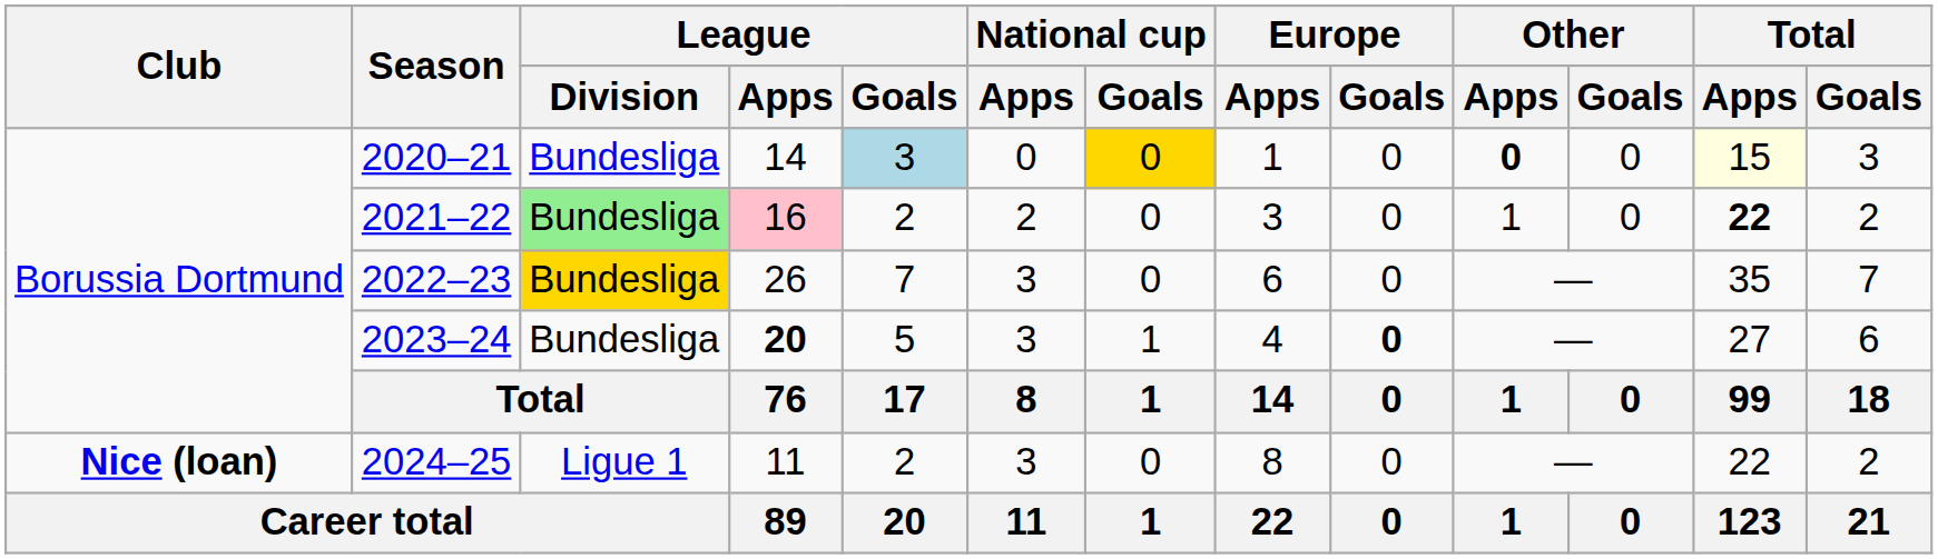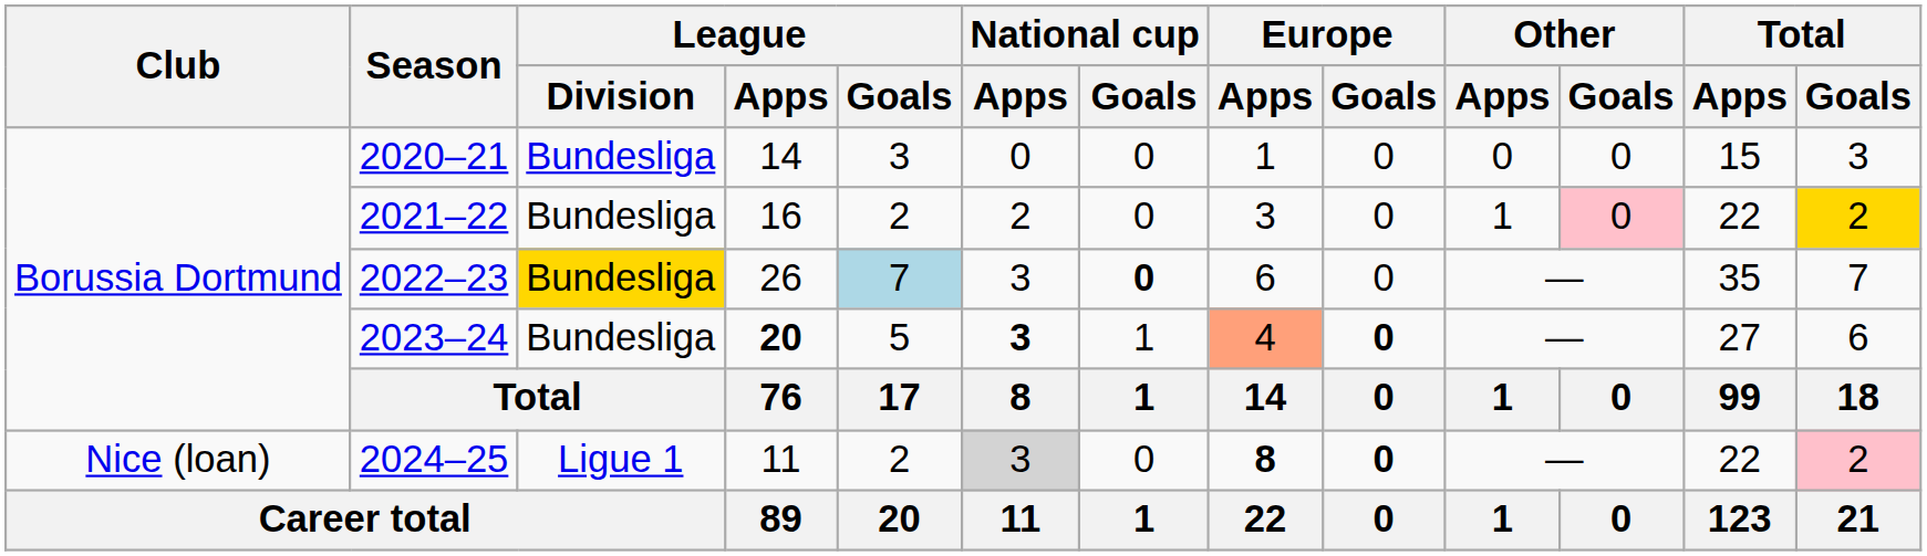 <table class="wikitable" style="text-align: center;">
 <tr>
 <th rowspan="2">Club</th>
 <th rowspan="2">Season</th>
 <th colspan="3">League</th>
 <th colspan="2">National cup</th>
 <th colspan="2">Europe</th>
 <th colspan="2">Other</th>
 <th colspan="2">Total</th>
 </tr>
 <tr>
 <th>Division</th>
 <th>Apps</th>
 <th>Goals</th>
 <th>Apps</th>
 <th>Goals</th>
 <th>Apps</th>
 <th>Goals</th>
 <th>Apps</th>
 <th>Goals</th>
 <th>Apps</th>
 <th>Goals</th>
 </tr>
 <tr>
 <td rowspan="5"><a href='#'>Borussia Dortmund</a></td>
 <td><a href='#'>2020–21</a></td>
 <td><a href='#'>Bundesliga</a></td>
 <td>14</td>
-<td style="background: lightblue;">3</td>
+<td>3</td>
 <td>0</td>
-<td style="background: gold;">0</td>
+<td>0</td>
 <td>1</td>
 <td>0</td>
-<td><strong>0</strong></td>
 <td>0</td>
-<td style="background: lightyellow;">15</td>
+<td>0</td>
+<td>15</td>
 <td>3</td>
 </tr>
 <tr>
 <td><a href='#'>2021–22</a></td>
-<td style="background: lightgreen;">Bundesliga</td>
-<td style="background: pink;">16</td>
+<td>Bundesliga</td>
+<td>16</td>
 <td>2</td>
 <td>2</td>
 <td>0</td>
 <td>3</td>
 <td>0</td>
 <td>1</td>
-<td>0</td>
-<td><strong>22</strong></td>
-<td>2</td>
+<td style="background: pink;">0</td>
+<td>22</td>
+<td style="background: gold;">2</td>
 </tr>
 <tr>
 <td><a href='#'>2022–23</a></td>
 <td style="background: gold;">Bundesliga</td>
 <td>26</td>
-<td>7</td>
+<td style="background: lightblue;">7</td>
 <td>3</td>
-<td>0</td>
+<td><strong>0</strong></td>
 <td>6</td>
 <td>0</td>
 <td colspan="2">—</td>
 <td>35</td>
 <td>7</td>
 </tr>
 <tr>
 <td><a href='#'>2023–24</a></td>
 <td>Bundesliga</td>
 <td><strong>20</strong></td>
 <td>5</td>
-<td>3</td>
+<td><strong>3</strong></td>
 <td>1</td>
-<td>4</td>
+<td style="background: lightsalmon;">4</td>
 <td><strong>0</strong></td>
 <td colspan="2">—</td>
 <td>27</td>
 <td>6</td>
 </tr>
 <tr>
 <th colspan="2">Total</th>
 <th>76</th>
 <th>17</th>
 <th>8</th>
 <th>1</th>
 <th>14</th>
 <th>0</th>
 <th>1</th>
 <th>0</th>
 <th>99</th>
 <th>18</th>
 </tr>
 <tr>
-<td><strong><a href='#'>Nice</a> (loan)</strong></td>
+<td><a href='#'>Nice</a> (loan)</td>
 <td><a href='#'>2024–25</a></td>
 <td><a href='#'>Ligue 1</a></td>
 <td>11</td>
 <td>2</td>
-<td>3</td>
+<td style="background: lightgrey;">3</td>
 <td>0</td>
-<td>8</td>
-<td>0</td>
+<td><strong>8</strong></td>
+<td><strong>0</strong></td>
 <td colspan="2">—</td>
 <td>22</td>
-<td>2</td>
+<td style="background: pink;">2</td>
 </tr>
 <tr>
 <th colspan="3">Career total</th>
 <th>89</th>
 <th>20</th>
 <th>11</th>
 <th>1</th>
 <th>22</th>
 <th>0</th>
 <th>1</th>
 <th>0</th>
 <th>123</th>
 <th>21</th>
 </tr>
 </table>
